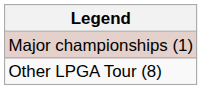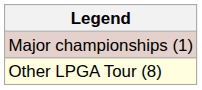 <table class="wikitable" style="font-size:95%;">
 <tr>
 <th>Legend</th>
 </tr>
 <tr style="background:#e5d1cb;">
 <td>Major championships (1)</td>
 </tr>
 <tr>
-<td>Other LPGA Tour (8)</td>
+<td style="background: lightyellow;">Other LPGA Tour (8)</td>
 </tr>
 </table>
